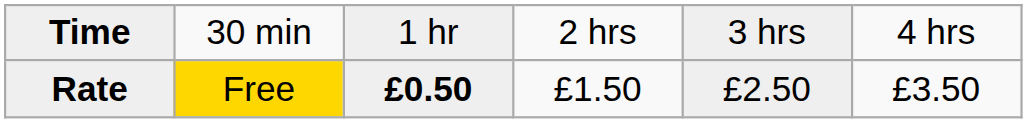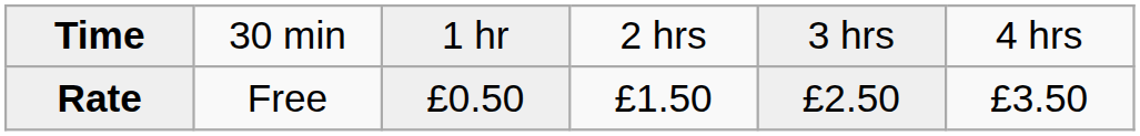 <table class="wikitable">
 <tr>
 <th style="background:#efefef;" width="12%">Time</th>
 <td width="12%" align="center">30 min</td>
 <td style="background:#efefef;" width="12%" align="center">1 hr</td>
 <td width="12%" align="center">2 hrs</td>
 <td style="background:#efefef;" width="12%" align="center">3 hrs</td>
 <td width="12%" align="center">4 hrs</td>
 </tr>
 <tr>
 <th style="background:#efefef;">Rate</th>
-<td align="center" style="background: gold;">Free</td>
-<td style="background:#efefef;" align="center"><strong>£0.50</strong></td>
+<td align="center">Free</td>
+<td style="background:#efefef;" align="center">£0.50</td>
 <td align="center">£1.50</td>
 <td style="background:#efefef;" align="center">£2.50</td>
 <td align="center">£3.50</td>
 </tr>
 </table>
